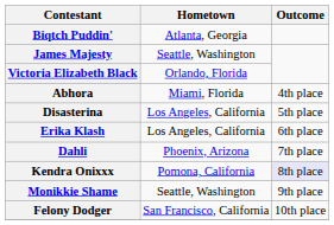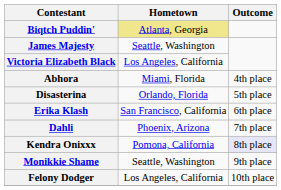 <table class="wikitable sortable" style="text-align:center">
 <tr>
 <th scope="col">Contestant</th>
 <th scope="col">Hometown</th>
 <th scope="col">Outcome</th>
 </tr>
 <tr>
 <th scope="row"><a href='#'>Biqtch Puddin'</a></th>
-<td><a href='#'>Atlanta</a>, Georgia</td>
+<td style="background: khaki;"><a href='#'>Atlanta</a>, Georgia</td>
 <td></td>
 </tr>
 <tr>
 <th scope="row"><a href='#'>James Majesty</a></th>
 <td><a href='#'>Seattle</a>, Washington</td>
 <td rowspan="2"></td>
 </tr>
 <tr>
 <th scope="row" nowrap><a href='#'>Victoria Elizabeth Black</a></th>
-<td><a href='#'>Orlando, Florida</a></td>
+<td><a href='#'>Los Angeles</a>, California</td>
 </tr>
 <tr>
 <th scope="row">Abhora</th>
 <td><a href='#'>Miami</a>, Florida</td>
 <td>4th place</td>
 </tr>
 <tr>
 <th scope="row">Disasterina</th>
-<td><a href='#'>Los Angeles</a>, California</td>
+<td><a href='#'>Orlando, Florida</a></td>
 <td>5th place</td>
 </tr>
 <tr>
 <th scope="row"><a href='#'>Erika Klash</a></th>
-<td>Los Angeles, California</td>
+<td nowrap><a href='#'>San Francisco</a>, California</td>
 <td>6th place</td>
 </tr>
 <tr>
 <th scope="row"><a href='#'>Dahli</a></th>
 <td><a href='#'>Phoenix, Arizona</a></td>
 <td>7th place</td>
 </tr>
 <tr>
 <th scope="row">Kendra Onixxx</th>
 <td><a href='#'>Pomona, California</a></td>
 <td style="background: lavender;">8th place</td>
 </tr>
 <tr>
 <th scope="row"><a href='#'>Monikkie Shame</a></th>
 <td>Seattle, Washington</td>
 <td>9th place</td>
 </tr>
 <tr>
 <th scope="row">Felony Dodger</th>
-<td nowrap><a href='#'>San Francisco</a>, California</td>
+<td>Los Angeles, California</td>
 <td>10th place</td>
 </tr>
 <tr>
 </tr>
 </table>
